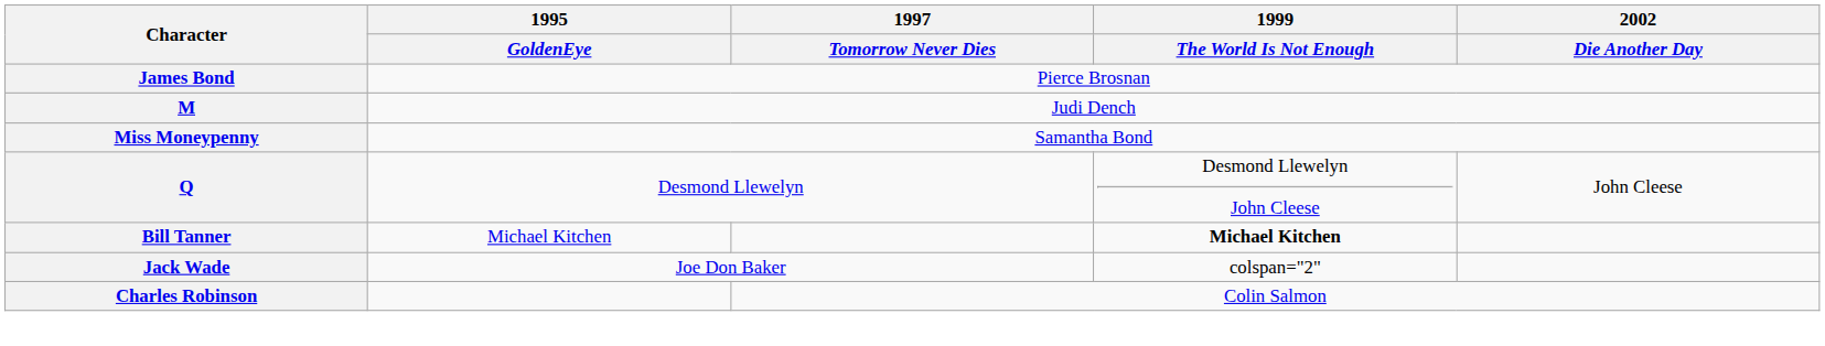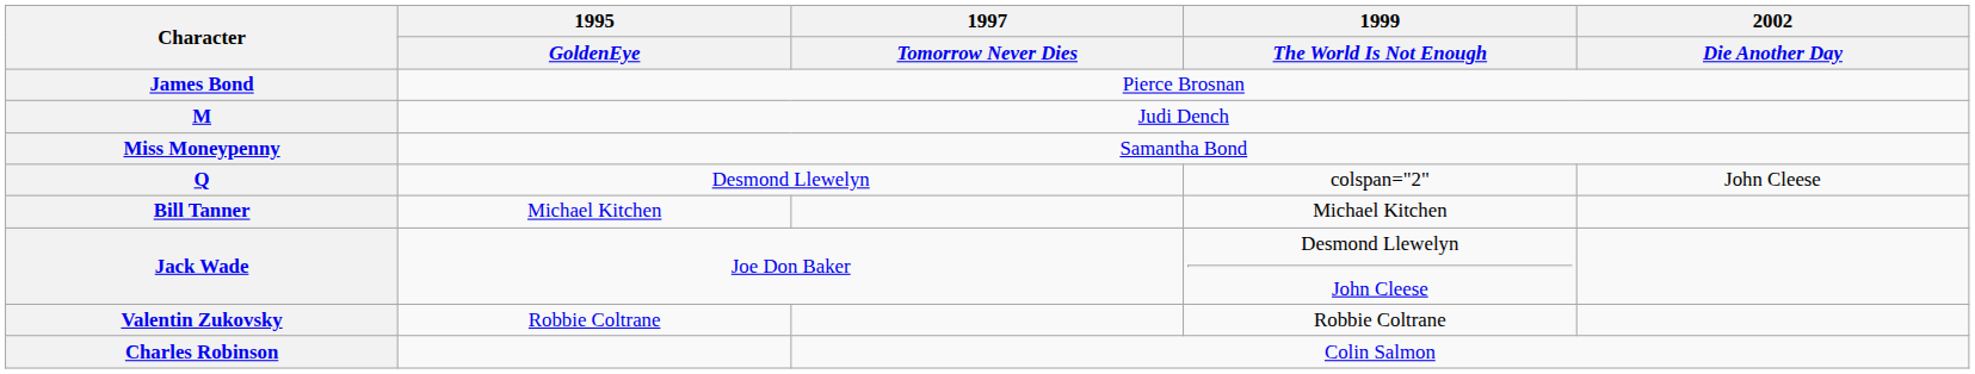 <table class="wikitable" style="text-align:center; width:99%;">
 <tr>
 <th rowspan="2" style="width:20%;">Character</th>
 <th>1995</th>
 <th>1997</th>
 <th>1999</th>
 <th>2002</th>
 </tr>
 <tr>
 <th style="width:20%;"><em><a href='#'>GoldenEye</a></em></th>
 <th style="width:20%;"><em><a href='#'>Tomorrow Never Dies</a></em></th>
 <th style="width:20%;"><em><a href='#'>The World Is Not Enough</a></em></th>
 <th style="width:20%;"><em><a href='#'>Die Another Day</a></em></th>
 </tr>
 <tr>
 <th scope="row"><a href='#'>James Bond<br></a></th>
 <td colspan="4"><a href='#'>Pierce Brosnan</a></td>
 </tr>
 <tr>
 <th scope="row"><a href='#'>M</a></th>
 <td colspan="4"><a href='#'>Judi Dench</a></td>
 </tr>
 <tr>
 <th scope="row"><a href='#'>Miss Moneypenny</a></th>
 <td colspan="4"><a href='#'>Samantha Bond</a></td>
 </tr>
 <tr>
 <th scope="row"><a href='#'>Q</a></th>
 <td colspan="2"><a href='#'>Desmond Llewelyn</a></td>
-<td>Desmond Llewelyn<hr><a href='#'>John Cleese</a></td>
+<td>colspan="2" </td>
 <td>John Cleese</td>
 </tr>
 <tr>
 <th scope="row"><a href='#'>Bill Tanner</a></th>
 <td><a href='#'>Michael Kitchen</a></td>
 <td></td>
-<td><strong>Michael Kitchen</strong></td>
+<td>Michael Kitchen</td>
 <td></td>
 </tr>
 <tr>
 <th scope="row"><a href='#'>Jack Wade</a></th>
 <td colspan="2"><a href='#'>Joe Don Baker</a></td>
-<td>colspan="2" </td>
+<td>Desmond Llewelyn<hr><a href='#'>John Cleese</a></td>
+</tr>
+<tr>
+<th scope="row"><a href='#'>Valentin Zukovsky</a></th>
+<td><a href='#'>Robbie Coltrane</a></td>
+<td></td>
+<td>Robbie Coltrane</td>
+<td></td>
 </tr>
 <tr>
 <th scope="row"><a href='#'>Charles Robinson</a></th>
 <td></td>
 <td colspan="3"><a href='#'>Colin Salmon</a></td>
 </tr>
 </table>
